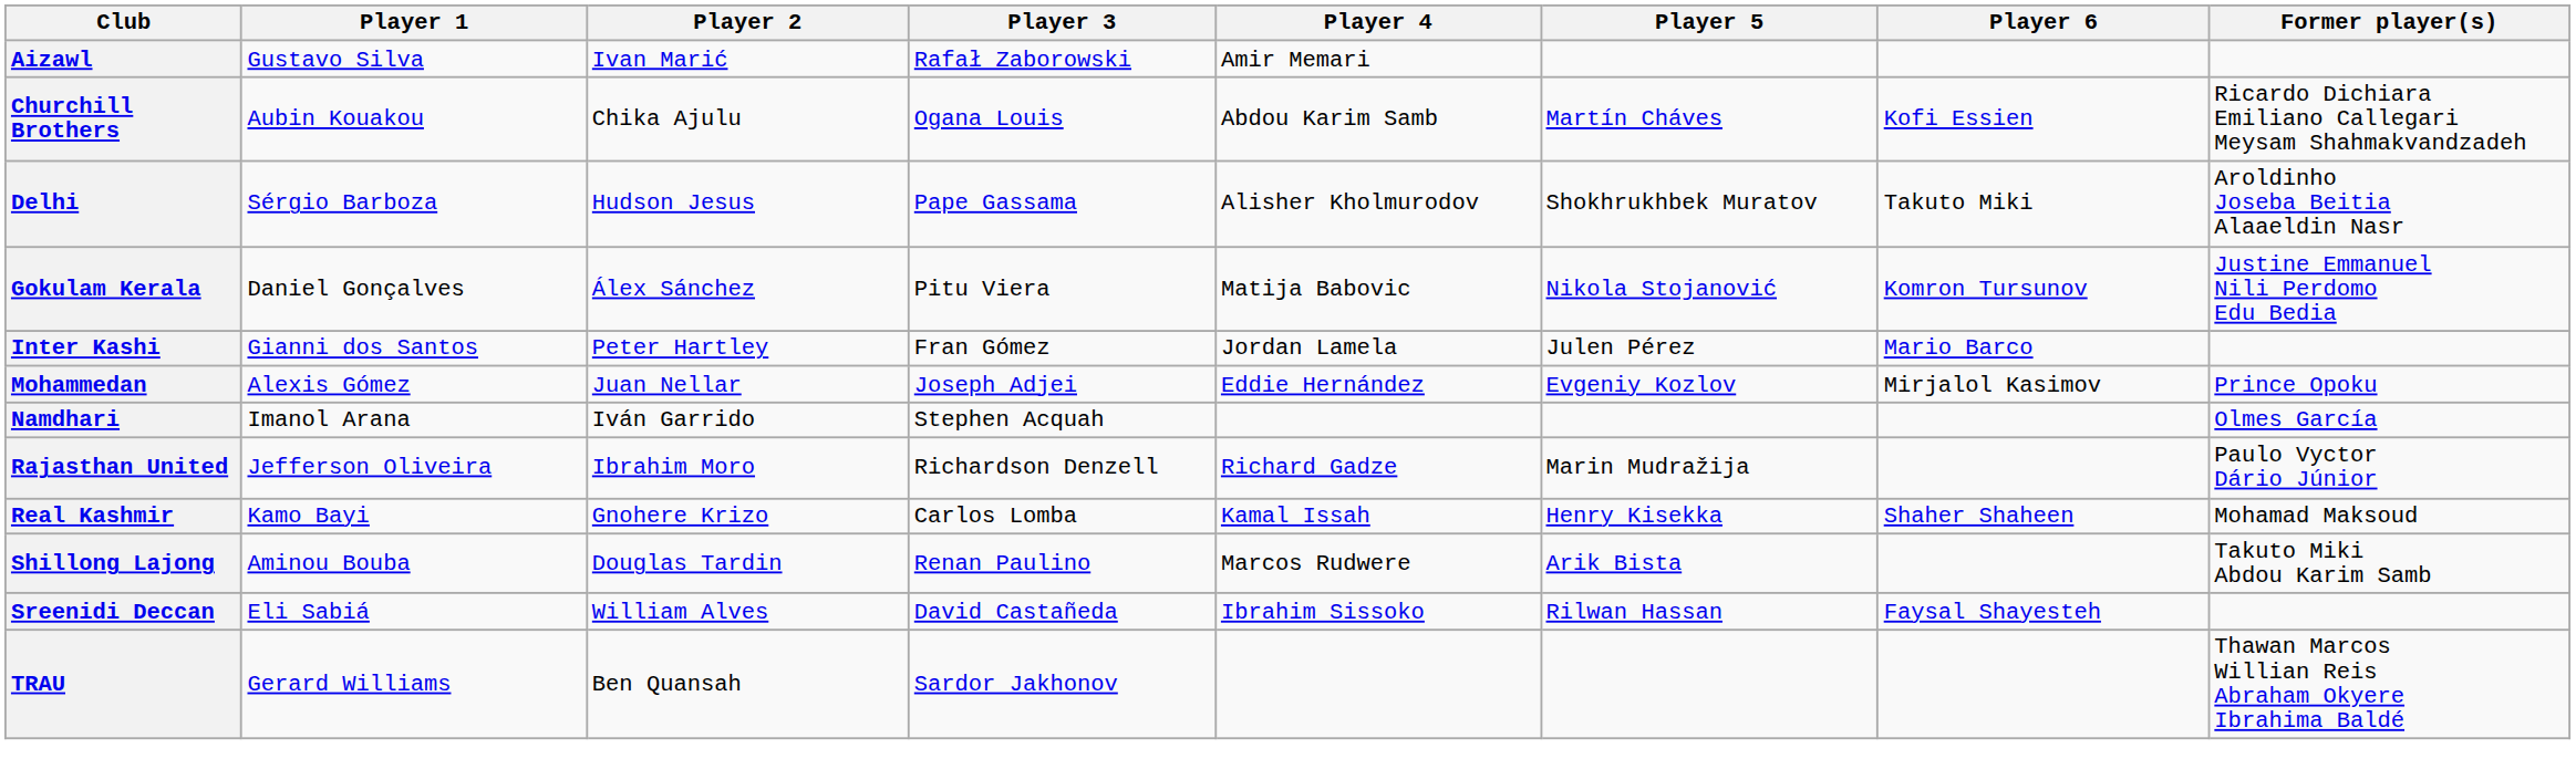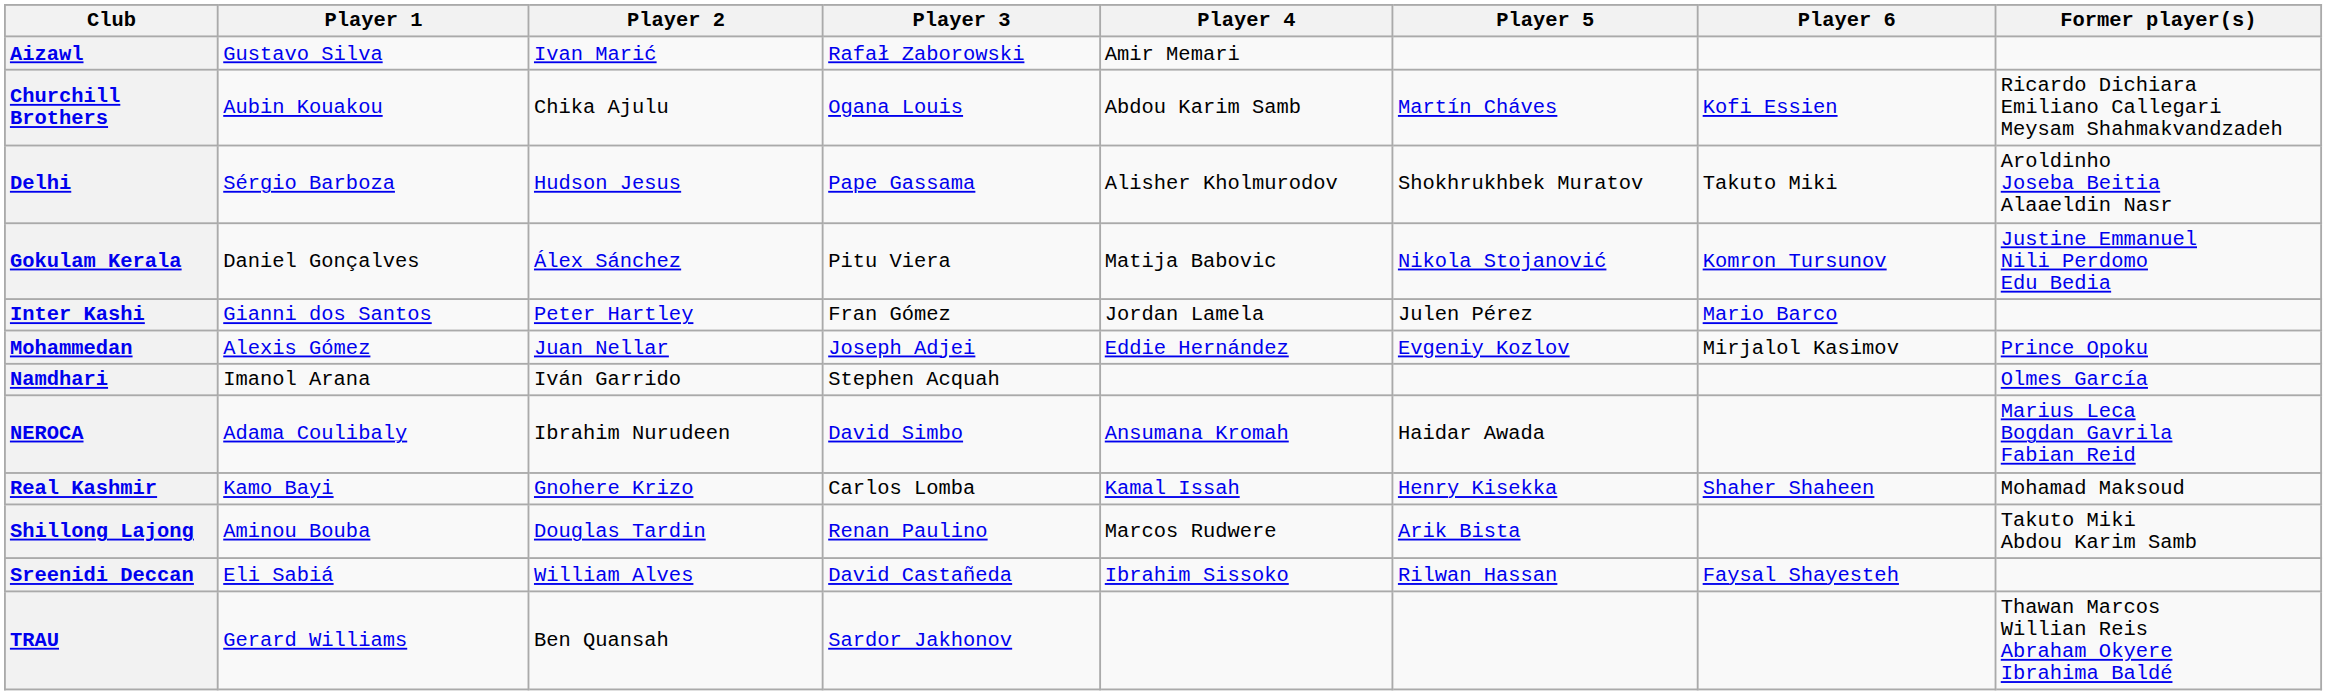 <table class="wikitable" style="text-align: left; font-size:85%">
 <tr>
 <th scope=col style="width:130px;">Club</th>
 <th scope=col style="width:210px;">Player 1</th>
 <th scope=col style="width:200px;">Player 2</th>
 <th scope=col style="width:180px;">Player 3</th>
 <th scope=col style="width:190px;">Player 4</th>
 <th scope=col style="width:190px;">Player 5</th>
 <th scope=col style="width:200px;">Player 6</th>
 <th scope=col style="width:200px;">Former player(s)</th>
 </tr>
 <tr>
 <th scope=row style="text-align: left;"><a href='#'>Aizawl</a></th>
 <td> <a href='#'>Gustavo Silva</a></td>
 <td> <a href='#'>Ivan Marić</a></td>
 <td> <a href='#'>Rafał Zaborowski</a></td>
 <td> Amir Memari</td>
 <td></td>
 <td></td>
 <td></td>
 </tr>
 <tr>
 <th scope=row style="text-align: left;"><a href='#'>Churchill Brothers</a></th>
 <td> <a href='#'>Aubin Kouakou</a></td>
 <td> Chika Ajulu</td>
 <td> <a href='#'>Ogana Louis</a></td>
 <td> Abdou Karim Samb</td>
 <td> <a href='#'>Martín Cháves</a></td>
 <td> <a href='#'>Kofi Essien</a></td>
 <td> Ricardo Dichiara<br> Emiliano Callegari<br> Meysam Shahmakvandzadeh</td>
 </tr>
 <tr>
 <th scope=row style="text-align: left;"><a href='#'>Delhi</a></th>
 <td> <a href='#'>Sérgio Barboza</a></td>
 <td> <a href='#'>Hudson Jesus</a></td>
 <td> <a href='#'>Pape Gassama</a></td>
 <td> Alisher Kholmurodov</td>
 <td> Shokhrukhbek Muratov</td>
 <td> Takuto Miki</td>
 <td> Aroldinho<br> <a href='#'>Joseba Beitia</a><br> Alaaeldin Nasr</td>
 </tr>
 <tr>
 <th scope=row style="text-align: left;"><a href='#'>Gokulam Kerala</a></th>
 <td> Daniel Gonçalves</td>
 <td> <a href='#'>Álex Sánchez</a></td>
 <td> Pitu Viera</td>
 <td> Matija Babovic</td>
 <td> <a href='#'>Nikola Stojanović</a></td>
 <td> <a href='#'>Komron Tursunov</a></td>
 <td> <a href='#'>Justine Emmanuel</a><br> <a href='#'>Nili Perdomo</a><br> <a href='#'>Edu Bedia</a></td>
 </tr>
 <tr>
 <th scope=row style="text-align: left;"><a href='#'>Inter Kashi</a></th>
 <td> <a href='#'>Gianni dos Santos</a></td>
 <td> <a href='#'>Peter Hartley</a></td>
 <td> Fran Gómez</td>
 <td> Jordan Lamela</td>
 <td> Julen Pérez</td>
 <td> <a href='#'>Mario Barco</a></td>
 <td></td>
 </tr>
 <tr>
 <th scope=row style="text-align: left;"><a href='#'>Mohammedan</a></th>
 <td> <a href='#'>Alexis Gómez</a></td>
 <td> <a href='#'>Juan Nellar</a></td>
 <td> <a href='#'>Joseph Adjei</a></td>
 <td> <a href='#'>Eddie Hernández</a></td>
 <td> <a href='#'>Evgeniy Kozlov</a></td>
 <td> Mirjalol Kasimov</td>
 <td> <a href='#'>Prince Opoku</a></td>
 </tr>
 <tr>
 <th scope="row" style="text-align: left;"><a href='#'>Namdhari</a></th>
 <td> Imanol Arana</td>
 <td> Iván Garrido</td>
 <td> Stephen Acquah</td>
 <td></td>
 <td></td>
 <td></td>
 <td> <a href='#'>Olmes García</a></td>
 </tr>
 <tr>
-<th scope=row style="text-align: left;"><a href='#'>Rajasthan United</a></th>
-<td> <a href='#'>Jefferson Oliveira</a></td>
-<td> <a href='#'>Ibrahim Moro</a></td>
-<td> Richardson Denzell</td>
-<td> <a href='#'>Richard Gadze</a></td>
-<td> Marin Mudražija</td>
+<th scope=row style="text-align: left;"><a href='#'>NEROCA</a></th>
+<td> <a href='#'>Adama Coulibaly</a></td>
+<td> Ibrahim Nurudeen</td>
+<td> <a href='#'>David Simbo</a></td>
+<td> <a href='#'>Ansumana Kromah</a></td>
+<td> Haidar Awada</td>
 <td></td>
-<td> Paulo Vyctor<br> <a href='#'>Dário Júnior</a></td>
+<td> <a href='#'>Marius Leca</a><br> <a href='#'>Bogdan Gavrila</a><br> <a href='#'>Fabian Reid</a></td>
 </tr>
 <tr>
 <th scope=row style="text-align: left;"><a href='#'>Real Kashmir</a></th>
 <td> <a href='#'>Kamo Bayi</a></td>
 <td> <a href='#'>Gnohere Krizo</a></td>
 <td> Carlos Lomba</td>
 <td> <a href='#'>Kamal Issah</a></td>
 <td> <a href='#'>Henry Kisekka</a></td>
 <td> <a href='#'>Shaher Shaheen</a></td>
 <td> Mohamad Maksoud</td>
 </tr>
 <tr>
 <th scope=row style="text-align: left;"><a href='#'>Shillong Lajong</a></th>
 <td> <a href='#'>Aminou Bouba</a></td>
 <td> <a href='#'>Douglas Tardin</a></td>
 <td> <a href='#'>Renan Paulino</a></td>
 <td> Marcos Rudwere</td>
 <td> <a href='#'>Arik Bista</a></td>
 <td></td>
 <td> Takuto Miki<br> Abdou Karim Samb</td>
 </tr>
 <tr>
 <th scope=row style="text-align: left;"><a href='#'>Sreenidi Deccan</a></th>
 <td> <a href='#'>Eli Sabiá</a></td>
 <td> <a href='#'>William Alves</a></td>
 <td> <a href='#'>David Castañeda</a></td>
 <td> <a href='#'>Ibrahim Sissoko</a></td>
 <td> <a href='#'>Rilwan Hassan</a></td>
 <td> <a href='#'>Faysal Shayesteh</a></td>
 <td></td>
 </tr>
 <tr>
 <th scope=row style="text-align: left;"><a href='#'>TRAU</a></th>
 <td> <a href='#'>Gerard Williams</a></td>
 <td> Ben Quansah</td>
 <td> <a href='#'>Sardor Jakhonov</a></td>
 <td></td>
 <td></td>
 <td></td>
 <td> Thawan Marcos<br> Willian Reis <br> <a href='#'>Abraham Okyere</a> <br> <a href='#'>Ibrahima Baldé</a></td>
 </tr>
 </table>
